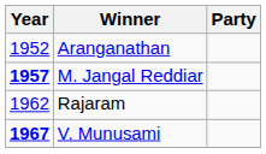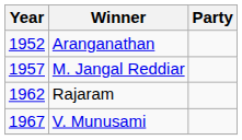 <table class="wikitable">
 <tr>
 <th>Year</th>
 <th>Winner</th>
 <th colspan="2">Party</th>
 </tr>
 <tr>
 <td><a href='#'>1952</a></td>
 <td><a href='#'>Aranganathan</a></td>
 <td></td>
 </tr>
 <tr>
-<td><strong><a href='#'>1957</a></strong></td>
+<td><a href='#'>1957</a></td>
 <td><a href='#'>M. Jangal Reddiar</a></td>
 <td></td>
 </tr>
 <tr>
 <td><a href='#'>1962</a></td>
 <td>Rajaram</td>
 <td></td>
 </tr>
 <tr>
-<td><strong><a href='#'>1967</a></strong></td>
+<td><a href='#'>1967</a></td>
 <td><a href='#'>V. Munusami</a></td>
 <td></td>
 </tr>
 <tr>
 </tr>
 </table>
